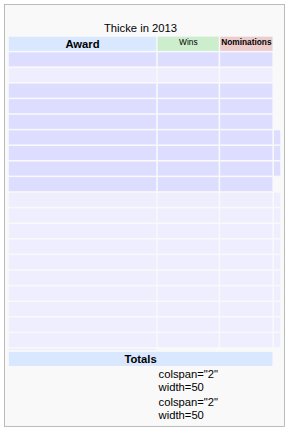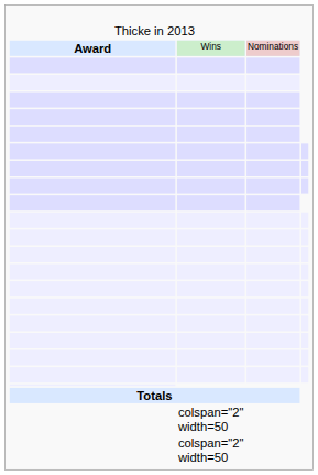 <table class="infobox" style="width: 25em; text-align: left; font-size: 90%; vertical-align: middle;">
 <tr>
 <td colspan="3" style="text-align:center;"><br>Thicke in 2013</td>
 </tr>
 <tr bgcolor=#D9E8FF style="text-align:center;">
 <th style="vertical-align: middle;">Award</th>
 <td style="background:#cceecc; font-size:8pt;" width="60px">Wins</td>
-<td style="background:#eecccc; font-size:8pt;" width="60px"><strong>Nominations</strong></td>
+<td style="background:#eecccc; font-size:8pt;" width="60px">Nominations</td>
 </tr>
 <tr bgcolor=#ddddff>
 <td align="center"><br></td>
 <td></td>
 <td></td>
 </tr>
 <tr bgcolor=#eeeeff>
 <td align="center"><br></td>
 <td></td>
 <td></td>
 </tr>
 <tr bgcolor=#ddddff>
 <td align="center"><br></td>
 <td></td>
 <td></td>
 </tr>
 <tr bgcolor=#ddddff>
 <td align="center"><br></td>
 <td></td>
 <td></td>
 </tr>
 <tr bgcolor=#ddddff>
 <td align="center"><br></td>
 <td></td>
 <td></td>
 </tr>
 <tr bgcolor=#ddddff>
 <td align="center"><br></td>
 <td></td>
 <td></td>
 <td align="center"></td>
 </tr>
 <tr bgcolor=#ddddff>
 <td align="center"><br></td>
 <td></td>
 <td></td>
 <td align="center"></td>
 </tr>
 <tr bgcolor=#ddddff>
 <td align="center"><br></td>
 <td></td>
 <td></td>
 <td align="center"></td>
 </tr>
 <tr bgcolor=#ddddff>
 <td align="center"><br></td>
 <td></td>
 <td></td>
 </tr>
 <tr bgcolor=#eeeeff>
 <td align="center"><br></td>
 <td></td>
 <td></td>
 <td align="center"></td>
 </tr>
 <tr bgcolor=#eeeeff>
 <td align="center"><br></td>
 <td></td>
 <td></td>
 <td align="center"></td>
 </tr>
 <tr bgcolor=#eeeeff>
 <td align="center"><br></td>
 <td></td>
 <td></td>
 <td align="center"></td>
 </tr>
 <tr bgcolor=#eeeeff>
 <td align="center"><br></td>
 <td></td>
 <td></td>
 <td align="center"></td>
 </tr>
 <tr bgcolor=#eeeeff>
 <td align="center"><br></td>
 <td></td>
 <td></td>
 <td align="center"></td>
 </tr>
 <tr bgcolor=#eeeeff>
 <td align="center"><br></td>
 <td></td>
 <td></td>
 <td align="center"></td>
 </tr>
 <tr bgcolor=#eeeeff>
 <td align="center"><br></td>
 <td></td>
 <td></td>
 <td align="center"></td>
 </tr>
 <tr bgcolor=#eeeeff>
 <td align="center"><br></td>
 <td></td>
 <td></td>
 <td align="center"></td>
 </tr>
 <tr bgcolor=#eeeeff>
 <td align="center"><br></td>
 <td></td>
 <td></td>
 <td align="center"></td>
 </tr>
 <tr bgcolor=#eeeeff>
 <td align="center"><br></td>
 <td></td>
 <td></td>
 <td align="center"></td>
 </tr>
 <tr bgcolor=#eeeeff>
 <td align="center"></td>
 </tr>
 <tr bgcolor=#D9E8FF>
 <td colspan="3" style="text-align:center;"><strong>Totals</strong></td>
 </tr>
 <tr>
 <td></td>
 <td>colspan="2" width=50 </td>
 </tr>
 <tr>
 <td></td>
 <td>colspan="2" width=50 </td>
 </tr>
 </table>
